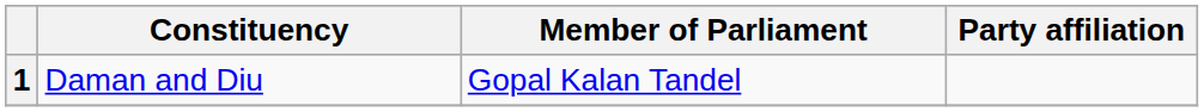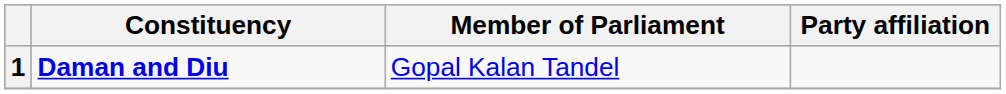 <table class="wikitable sortable">
 <tr style="text-align:center;">
 <th></th>
 <th style="width:13em">Constituency</th>
 <th style="width:15em">Member of Parliament</th>
 <th colspan="2" style="width:15em">Party affiliation</th>
 </tr>
 <tr>
 <th>1</th>
-<td><a href='#'>Daman and Diu</a></td>
+<td><strong><a href='#'>Daman and Diu</a></strong></td>
 <td><a href='#'>Gopal Kalan Tandel</a></td>
 <td></td>
 </tr>
 <tr>
 </tr>
 </table>
